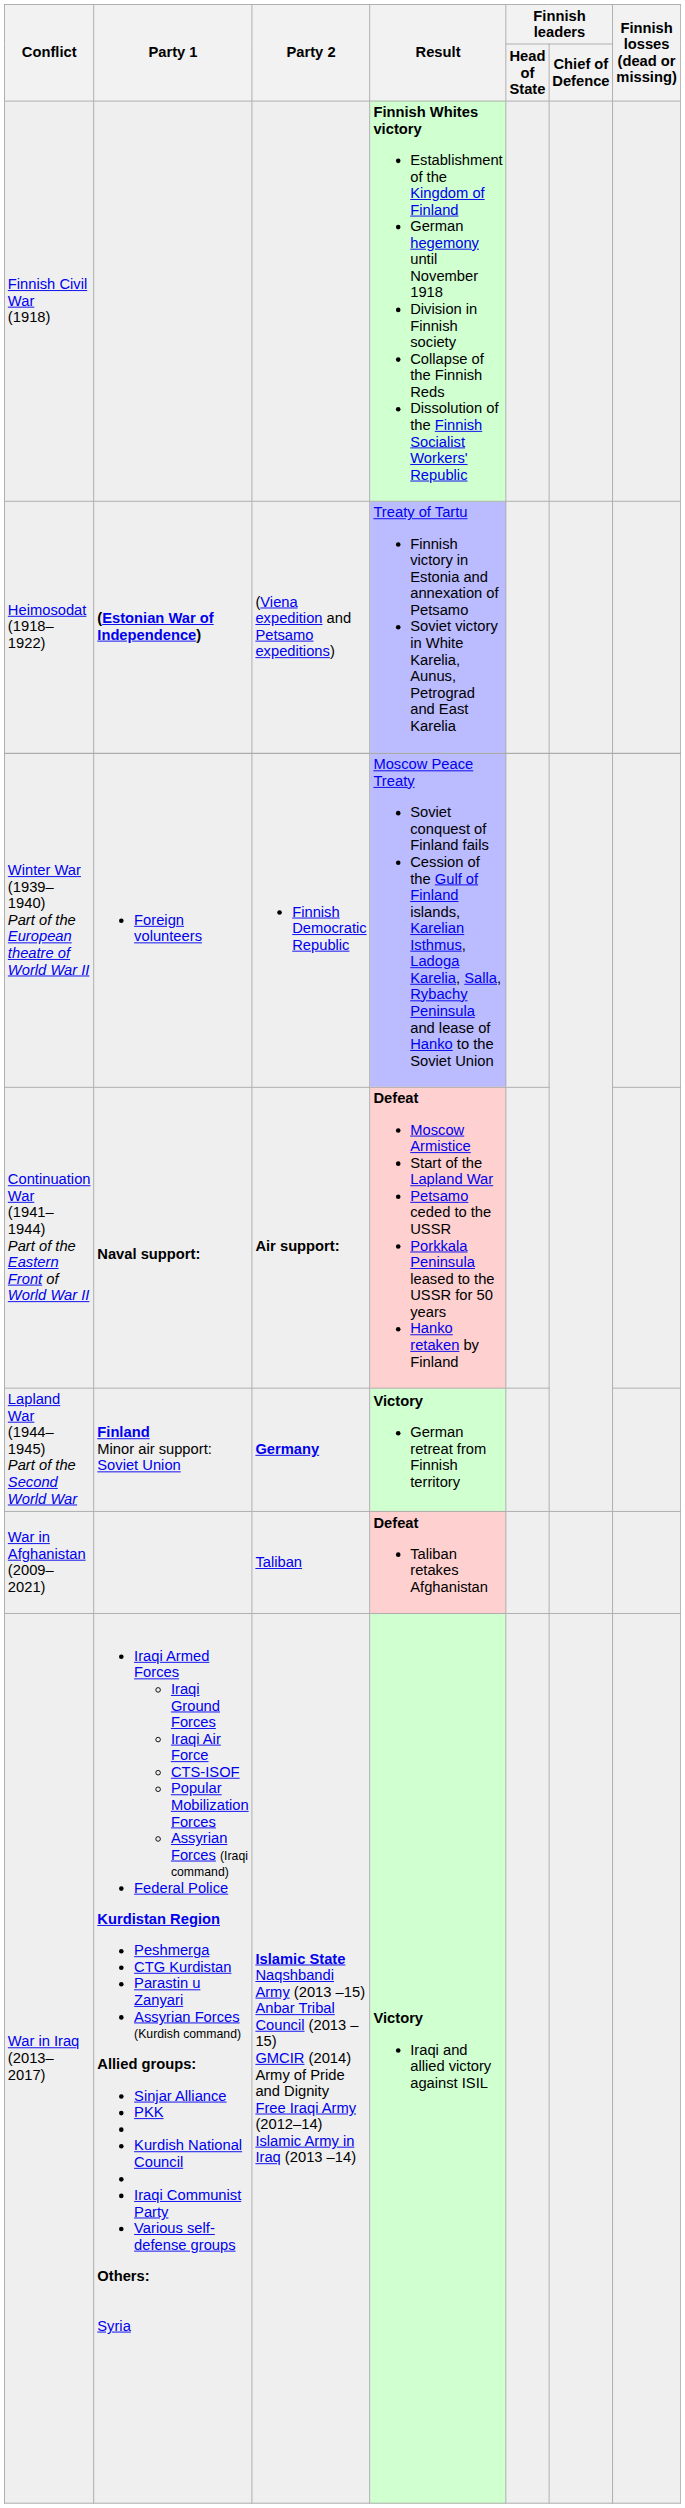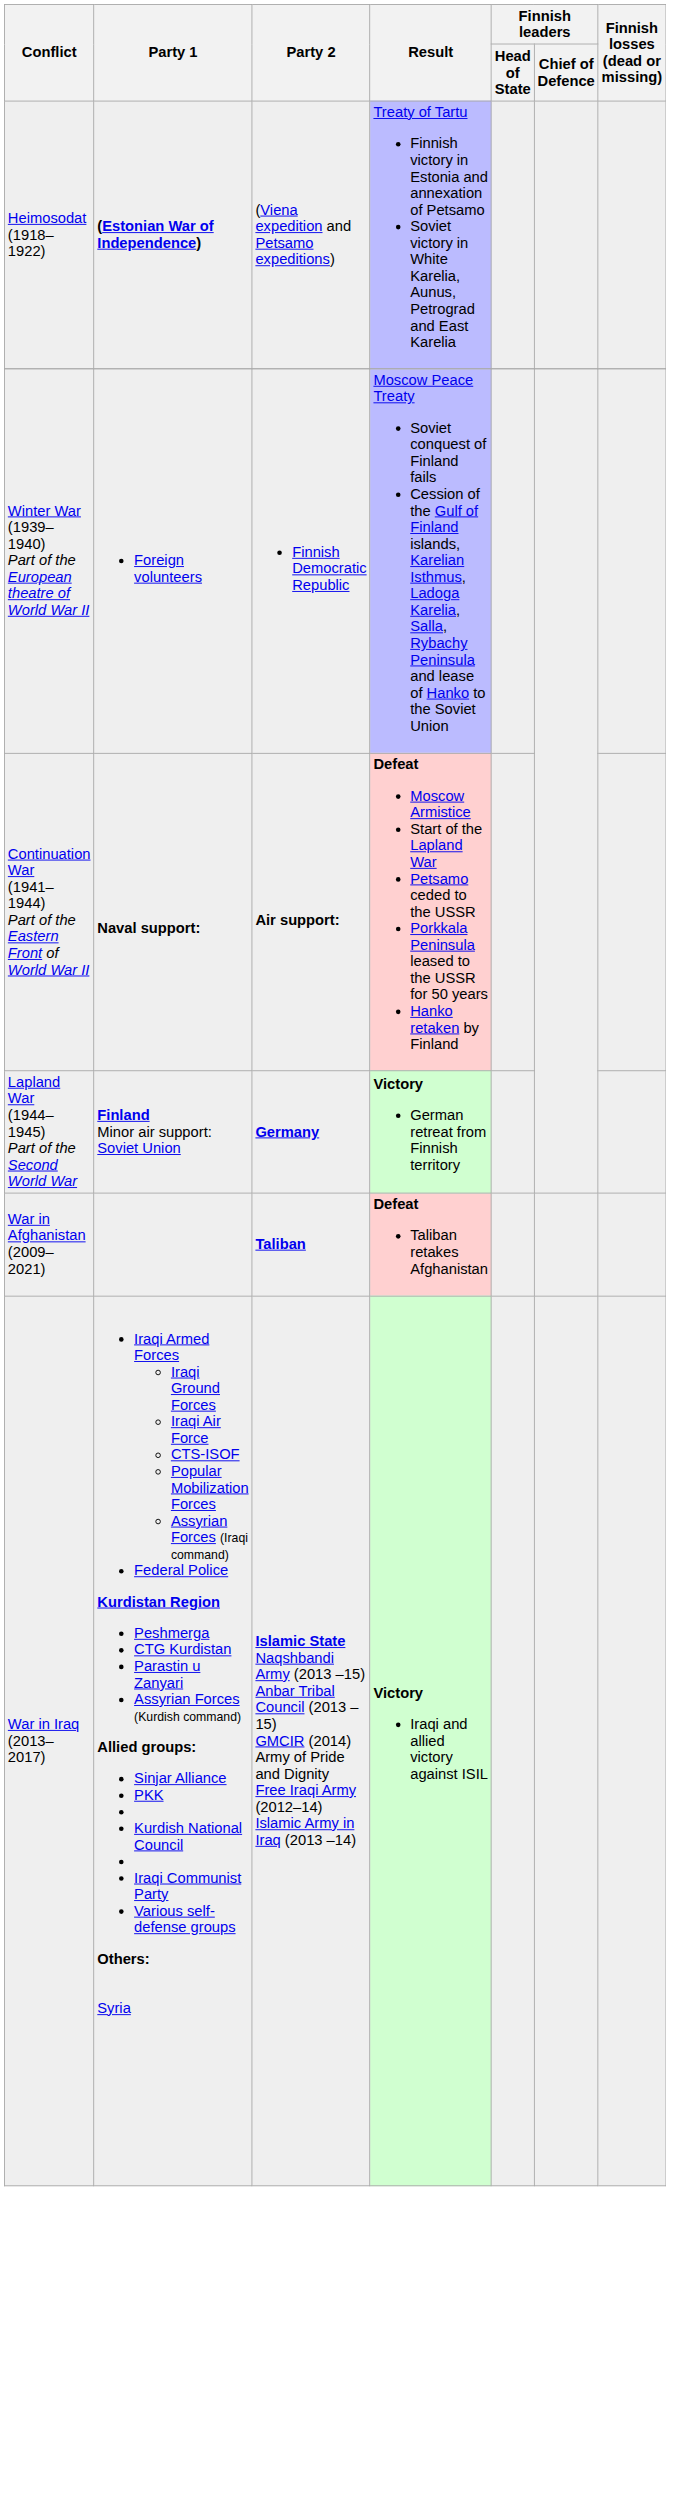 <table class="wikitable">
 <tr>
 <th rowspan="2" width=150px>Conflict</th>
 <th rowspan="2" width=150px>Party 1</th>
 <th rowspan="2" width=150px>Party 2</th>
 <th rowspan="2" width=180px>Result</th>
 <th colspan="2">Finnish leaders</th>
 <th rowspan="2">Finnish losses<br>(dead or missing)</th>
 </tr>
 <tr>
 <th width=110px>Head of State</th>
 <th width=110px>Chief of Defence</th>
-</tr>
-<tr>
-<td style="background:#efefef"><a href='#'>Finnish Civil War</a><br>(1918)</td>
-<td style="background:#efefef"></td>
-<td style="background:#efefef"></td>
-<td style="background:#D0FFD0"><strong>Finnish Whites victory</strong><br><ul><li>Establishment of the <a href='#'>Kingdom of Finland</a></li><li>German <a href='#'>hegemony</a> until November 1918</li><li>Division in Finnish society</li><li>Collapse of the Finnish Reds</li><li>Dissolution of the <a href='#'>Finnish Socialist Workers' Republic</a></li></ul></td>
-<td rowspan="1" style="background:#efefef"></td>
-<td rowspan="1" style="background:#efefef"></td>
-<td style="background:#efefef"></td>
 </tr>
 <tr>
 <td style="background:#efefef"><a href='#'>Heimosodat</a><br>(1918–1922)</td>
 <td style="background:#efefef"><strong> (<a href='#'>Estonian War of Independence</a>)</strong></td>
 <td style="background:#efefef"> (<a href='#'>Viena expedition</a> and <a href='#'>Petsamo expeditions</a>)</td>
 <td style="background:#BBF"><a href='#'>Treaty of Tartu</a><br><ul><li>Finnish victory in Estonia and annexation of Petsamo</li><li>Soviet victory in White Karelia, Aunus, Petrograd and East Karelia</li></ul></td>
 <td rowspan="1" style="background:#efefef"></td>
 <td rowspan="1" style="background:#efefef"></td>
 <td style="background:#efefef"></td>
 </tr>
 <tr>
 </tr>
 <tr>
 <td style="background:#efefef"><a href='#'>Winter War</a><br>(1939–1940)<br><em>Part of the <a href='#'>European theatre of World War II</a></em></td>
 <td style="background:#efefef"><strong></strong><br><ul><li><a href='#'>Foreign volunteers</a></li></ul></td>
 <td style="background:#efefef"><strong></strong><br><ul><li><a href='#'>Finnish Democratic Republic</a></li></ul></td>
 <td style="background:#BBF"><a href='#'>Moscow Peace Treaty</a><br><ul><li>Soviet conquest of Finland fails</li><li>Cession of the <a href='#'>Gulf of Finland</a> islands, <a href='#'>Karelian Isthmus</a>, <a href='#'>Ladoga Karelia</a>, <a href='#'>Salla</a>, <a href='#'>Rybachy Peninsula</a> and lease of <a href='#'>Hanko</a> to the Soviet Union</li></ul></td>
 <td style="background:#efefef"></td>
 <td rowspan="3" style="background:#efefef"></td>
 <td style="background:#efefef"></td>
 </tr>
 <tr>
 <td style="background:#efefef"><a href='#'>Continuation War</a><br>(1941–1944)<br><em>Part of the <a href='#'>Eastern Front</a> of <a href='#'>World War II</a></em></td>
 <td style="background:#efefef"><strong></strong><br><strong></strong><br><strong>Naval support:</strong><br></td>
 <td style="background:#efefef"><strong></strong><br><strong>Air support:</strong><br></td>
 <td style="background:#FFD0D0"><strong>Defeat</strong> <small></small><br><ul><li><a href='#'>Moscow Armistice</a></li><li>Start of the <a href='#'>Lapland War</a></li><li><a href='#'>Petsamo</a> ceded to the USSR</li><li><a href='#'>Porkkala Peninsula</a> leased to the USSR for 50 years</li><li><a href='#'>Hanko</a> <a href='#'>retaken</a> by Finland</li></ul></td>
 <td style="background:#efefef"></td>
 <td style="background:#efefef"></td>
 </tr>
 <tr>
 <td style="background:#efefef"><a href='#'>Lapland War</a><br>(1944–1945)<br><em>Part of the <a href='#'>Second World War</a></em></td>
 <td style="background:#efefef"> <strong><a href='#'>Finland</a></strong><br>Minor air support:<br> <a href='#'>Soviet Union</a></td>
 <td style="background:#efefef"> <strong><a href='#'>Germany</a></strong></td>
 <td style="background:#D0FFD0"><strong>Victory</strong><br><ul><li>German retreat from Finnish territory</li></ul></td>
 <td style="background:#efefef"></td>
 <td style="background:#efefef"></td>
 </tr>
 <tr>
 <td style="background:#efefef"><a href='#'>War in Afghanistan</a><br>(2009–2021)</td>
 <td style="background:#efefef"><br></td>
-<td style="background:#efefef"> <a href='#'>Taliban</a></td>
+<td style="background:#efefef"><strong> <a href='#'>Taliban</a></strong></td>
 <td style="background:#FFD0D0"><strong>Defeat</strong><br><ul><li>Taliban retakes Afghanistan</li></ul></td>
 <td style="background:#efefef"> </td>
 <td style="background:#efefef">  </td>
 <td style="background:#efefef"></td>
 </tr>
 <tr>
 <td style="background:#efefef"><a href='#'>War in Iraq</a><br>(2013–2017)</td>
 <td style="background:#efefef"><strong></strong><br><ul><li> <a href='#'>Iraqi Armed Forces</a><ul><li> <a href='#'>Iraqi Ground Forces</a></li><li> <a href='#'>Iraqi Air Force</a></li><li> <a href='#'>CTS-ISOF</a></li><li> <a href='#'>Popular Mobilization Forces</a></li><li> <a href='#'>Assyrian Forces</a> <small>(Iraqi command)</small></li></ul></li><li><a href='#'>Federal Police</a></li></ul> <strong><a href='#'>Kurdistan Region</a></strong><ul><li> <a href='#'>Peshmerga</a></li><li><a href='#'>CTG Kurdistan</a></li><li><a href='#'>Parastin u Zanyari</a></li><li> <a href='#'>Assyrian Forces</a> <small>(Kurdish command)</small></li></ul><strong>Allied groups:</strong><ul><li> <a href='#'>Sinjar Alliance</a></li><li> <a href='#'>PKK</a></li><li></li><li><a href='#'>Kurdish National Council</a></li><li></li><li> <a href='#'>Iraqi Communist Party</a></li><li> <a href='#'>Various self-defense groups</a></li></ul><strong>Others:</strong> <br><br> <br>  <a href='#'>Syria</a> <br> <strong></strong><br> <br> <br> <br> <br> <br> <br> <br>  <br><br></td>
 <td style="background:#efefef"><strong> <a href='#'>Islamic State</a></strong><br> <a href='#'>Naqshbandi Army</a> (2013 –15)<br> <a href='#'>Anbar Tribal Council</a> (2013 –15)<br> <a href='#'>GMCIR</a> (2014)<br> Army of Pride and Dignity<br> <a href='#'>Free Iraqi Army</a> (2012–14)<br> <a href='#'>Islamic Army in Iraq</a> (2013 –14)</td>
 <td style="background:#D0FFD0"><strong>Victory</strong><br><ul><li>Iraqi and allied victory against ISIL</li></ul></td>
 <td style="background:#efefef"></td>
 <td style="background:#efefef"></td>
 <td style="background:#efefef"></td>
 </tr>
 </table>
